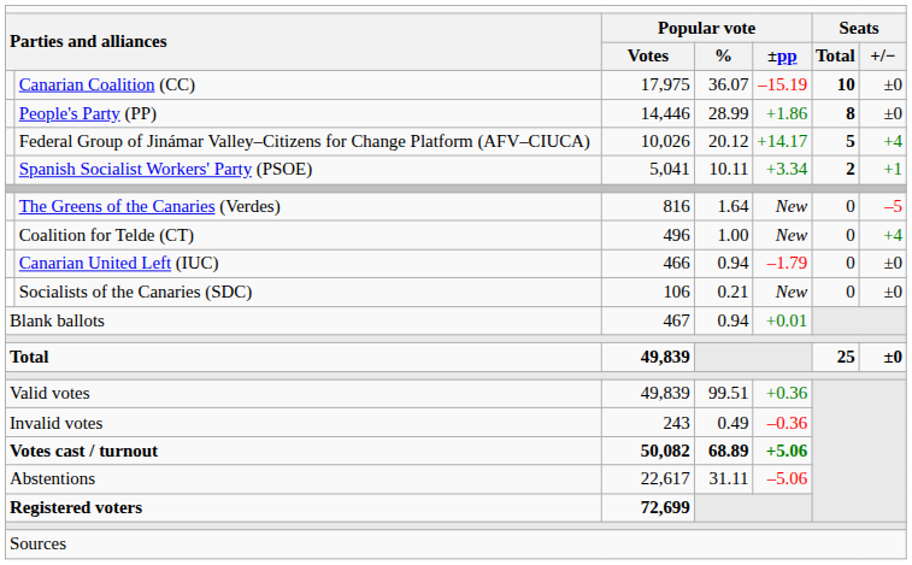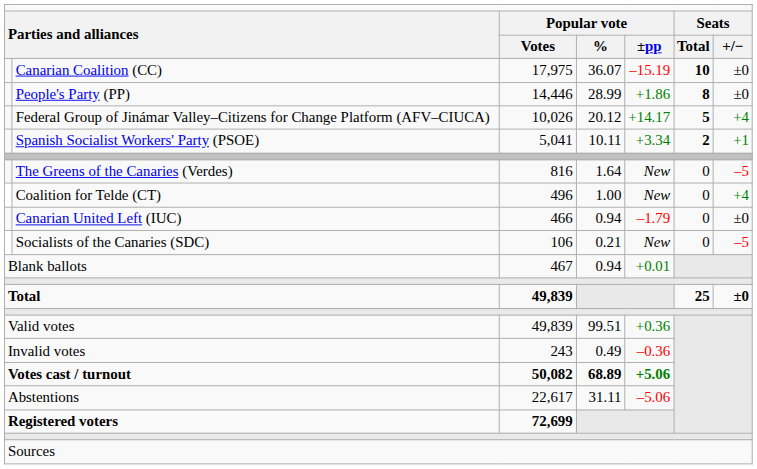 <table class="wikitable" style="text-align:right;">
 <tr>
 <td colspan="7"></td>
 </tr>
 <tr>
 <th style="text-align:left;" rowspan="2" colspan="2" width="525">Parties and alliances</th>
 <th colspan="3">Popular vote</th>
 <th colspan="2">Seats</th>
 </tr>
 <tr>
 <th width="75">Votes</th>
 <th width="45">%</th>
 <th width="45">±<a href='#'>pp</a></th>
 <th width="35">Total</th>
 <th width="35">+/−</th>
 </tr>
 <tr>
 <td width="1" style="color:inherit;background:"></td>
 <td align="left"><a href='#'>Canarian Coalition</a> (CC)</td>
 <td>17,975</td>
 <td>36.07</td>
 <td style="color:red;">–15.19</td>
 <td><strong>10</strong></td>
 <td>±0</td>
 </tr>
 <tr>
 <td style="color:inherit;background:"></td>
 <td align="left"><a href='#'>People's Party</a> (PP)</td>
 <td>14,446</td>
 <td>28.99</td>
 <td style="color:green;">+1.86</td>
 <td><strong>8</strong></td>
 <td>±0</td>
 </tr>
 <tr>
 <td style="color:inherit;background:"></td>
 <td align="left">Federal Group of Jinámar Valley–Citizens for Change Platform (AFV–CIUCA)</td>
 <td>10,026</td>
 <td>20.12</td>
 <td style="color:green;">+14.17</td>
 <td><strong>5</strong></td>
 <td style="color:green;">+4</td>
 </tr>
 <tr>
 <td style="color:inherit;background:"></td>
 <td align="left"><a href='#'>Spanish Socialist Workers' Party</a> (PSOE)</td>
 <td>5,041</td>
 <td>10.11</td>
 <td style="color:green;">+3.34</td>
 <td><strong>2</strong></td>
 <td style="color:green;">+1</td>
 </tr>
 <tr>
 <td colspan="7" style="color:inherit;background:#C0C0C0"></td>
 </tr>
 <tr>
 <td style="color:inherit;background:"></td>
 <td align="left"><a href='#'>The Greens of the Canaries</a> (Verdes)</td>
 <td>816</td>
 <td>1.64</td>
 <td><em>New</em></td>
 <td>0</td>
 <td style="color:red;">–5</td>
 </tr>
 <tr>
 <td bgcolor="white"></td>
 <td align="left">Coalition for Telde (CT)</td>
 <td>496</td>
 <td>1.00</td>
 <td><em>New</em></td>
 <td>0</td>
 <td style="color:green;">+4</td>
 </tr>
 <tr>
 <td style="color:inherit;background:"></td>
 <td align="left"><a href='#'>Canarian United Left</a> (IUC)</td>
 <td>466</td>
 <td>0.94</td>
 <td style="color:red;">–1.79</td>
 <td>0</td>
 <td>±0</td>
 </tr>
 <tr>
 <td bgcolor="white"></td>
 <td align="left">Socialists of the Canaries (SDC)</td>
 <td>106</td>
 <td>0.21</td>
 <td><em>New</em></td>
 <td>0</td>
-<td>±0</td>
+<td style="color:red;">–5</td>
 </tr>
 <tr>
 <td align="left" colspan="2">Blank ballots</td>
 <td>467</td>
 <td>0.94</td>
 <td style="color:green;">+0.01</td>
 <td style="color:inherit;background:#E9E9E9" colspan="2"></td>
 </tr>
 <tr>
 <td colspan="7" style="color:inherit;background:#E9E9E9"></td>
 </tr>
 <tr style="font-weight:bold;">
 <td align="left" colspan="2">Total</td>
 <td>49,839</td>
 <td bgcolor="#E9E9E9" colspan="2"></td>
 <td>25</td>
 <td>±0</td>
 </tr>
 <tr>
 <td colspan="7" style="color:inherit;background:#E9E9E9"></td>
 </tr>
 <tr>
 <td align="left" colspan="2">Valid votes</td>
 <td>49,839</td>
 <td>99.51</td>
 <td style="color:green;">+0.36</td>
 <td bgcolor="#E9E9E9" colspan="2" rowspan="5"></td>
 </tr>
 <tr>
 <td align="left" colspan="2">Invalid votes</td>
 <td>243</td>
 <td>0.49</td>
 <td style="color:red;">–0.36</td>
 </tr>
 <tr style="font-weight:bold;">
 <td align="left" colspan="2">Votes cast / turnout</td>
 <td>50,082</td>
 <td>68.89</td>
 <td style="color:green;">+5.06</td>
 </tr>
 <tr>
 <td align="left" colspan="2">Abstentions</td>
 <td>22,617</td>
 <td>31.11</td>
 <td style="color:red;">–5.06</td>
 </tr>
 <tr style="font-weight:bold;">
 <td align="left" colspan="2">Registered voters</td>
 <td>72,699</td>
 <td bgcolor="#E9E9E9" colspan="2"></td>
 </tr>
 <tr>
 <td colspan="7" style="color:inherit;background:#E9E9E9"></td>
 </tr>
 <tr>
 <td align="left" colspan="7">Sources</td>
 </tr>
 </table>
